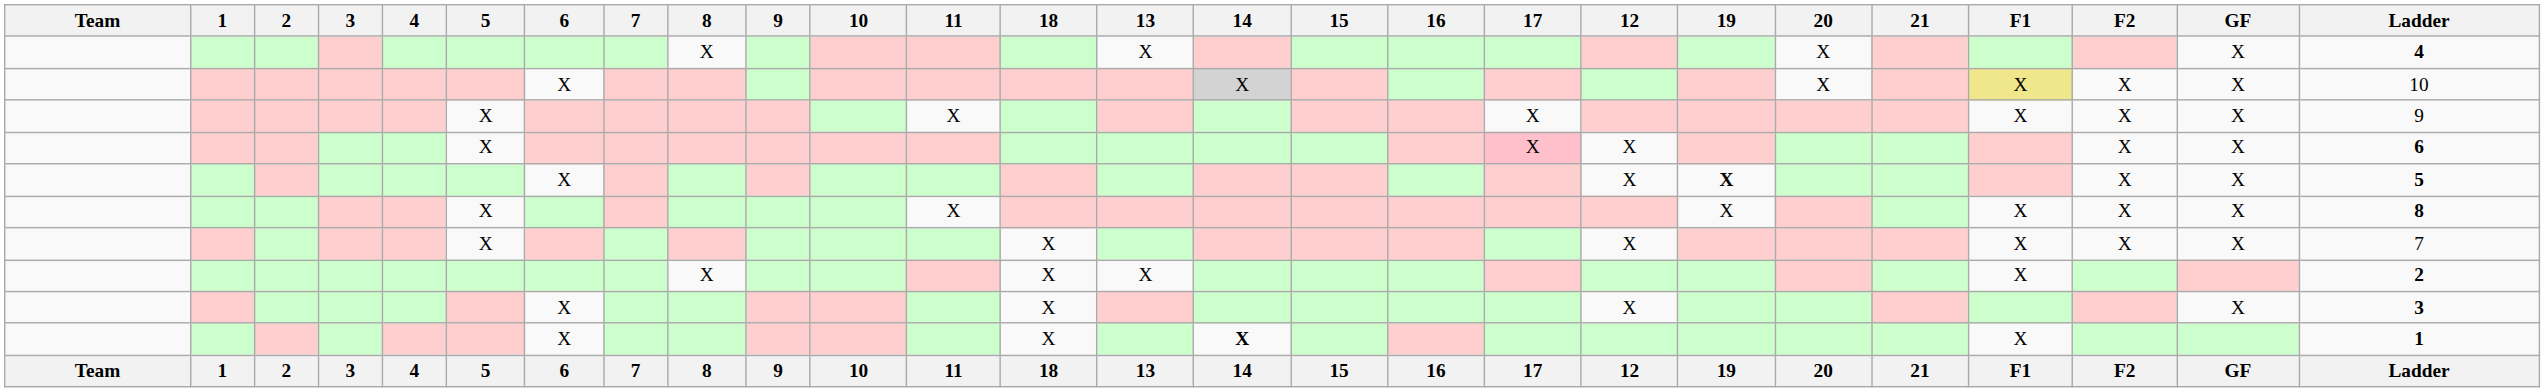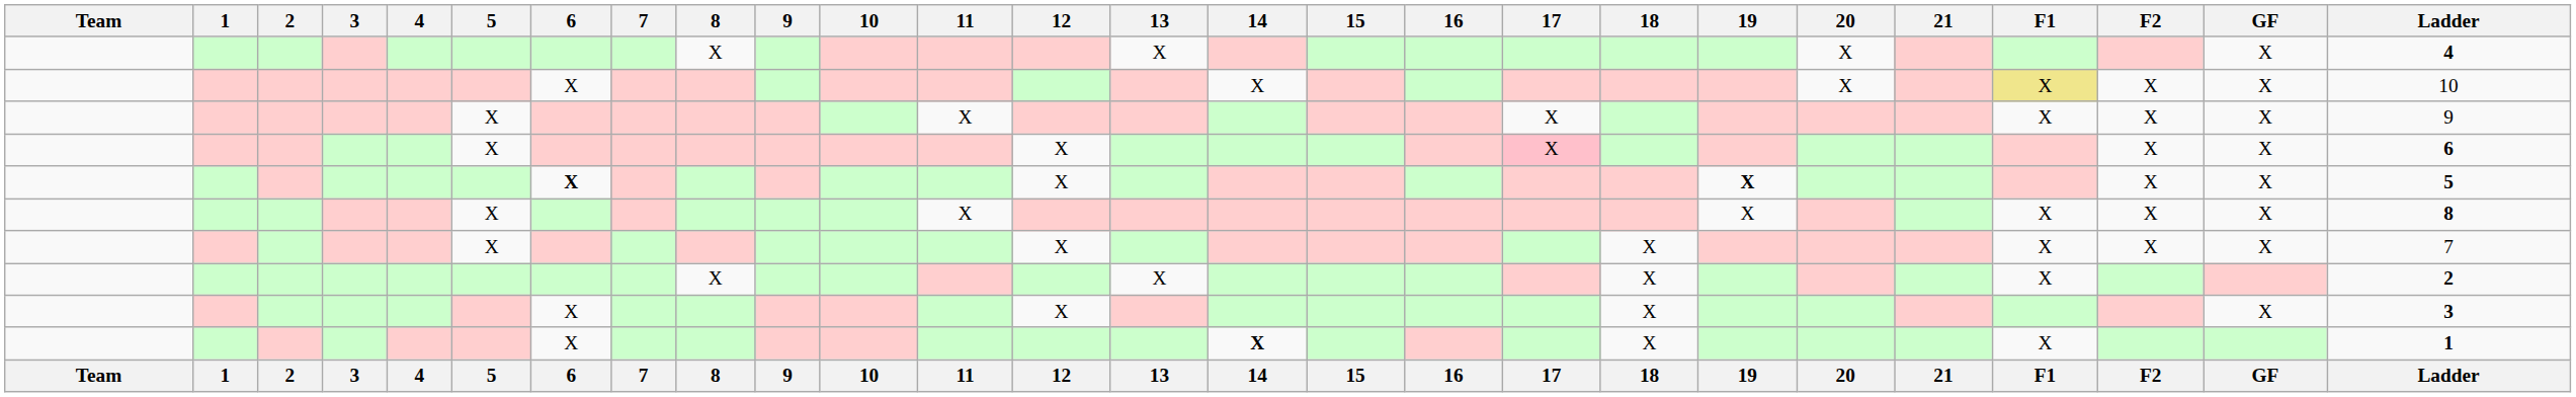 <table class="wikitable sortable" style="font-size:85%; text-align:center; width:90%">
 <tr valign="top">
 <th valign="middle">Team</th>
 <th>1</th>
 <th>2</th>
 <th>3</th>
 <th>4</th>
 <th>5</th>
 <th>6</th>
 <th>7</th>
 <th>8</th>
 <th>9</th>
 <th>10</th>
 <th>11</th>
-<th>18</th>
+<th>12</th>
 <th>13</th>
 <th>14</th>
 <th>15</th>
 <th>16</th>
 <th>17</th>
-<th>12</th>
+<th>18</th>
 <th>19</th>
 <th>20</th>
 <th>21</th>
 <th>F1</th>
 <th>F2</th>
 <th>GF</th>
 <th valign="middle">Ladder</th>
 </tr>
 <tr>
 <td align="left"></td>
 <td style="background:#cfc"></td>
 <td style="background:#cfc"></td>
 <td style="background:#ffcfcf"></td>
 <td style="background:#cfc"></td>
 <td style="background:#cfc"></td>
 <td style="background:#cfc"></td>
 <td style="background:#cfc"></td>
 <td>X</td>
 <td style="background:#cfc"></td>
 <td style="background:#ffcfcf"></td>
 <td style="background:#ffcfcf"></td>
-<td style="background:#cfc"></td>
+<td style="background:#ffcfcf"></td>
 <td>X</td>
 <td style="background:#ffcfcf"></td>
 <td style="background:#cfc"></td>
 <td style="background:#cfc"></td>
 <td style="background:#cfc"></td>
-<td style="background:#ffcfcf"></td>
+<td style="background:#cfc"></td>
 <td style="background:#cfc"></td>
 <td>X</td>
 <td style="background:#ffcfcf"></td>
 <td style="background:#cfc"></td>
 <td style="background:#ffcfcf"></td>
 <td>X</td>
 <td style="text-align:center;"><strong>4</strong></td>
 </tr>
 <tr>
 <td align="left"></td>
 <td style="background:#ffcfcf"></td>
 <td style="background:#ffcfcf"></td>
 <td style="background:#ffcfcf"></td>
 <td style="background:#ffcfcf"></td>
 <td style="background:#ffcfcf"></td>
 <td>X</td>
 <td style="background:#ffcfcf"></td>
 <td style="background:#ffcfcf"></td>
 <td style="background:#cfc"></td>
 <td style="background:#ffcfcf"></td>
 <td style="background:#ffcfcf"></td>
+<td style="background:#cfc"></td>
 <td style="background:#ffcfcf"></td>
-<td style="background:#ffcfcf"></td>
-<td style="background: lightgrey;">X</td>
+<td>X</td>
 <td style="background:#ffcfcf"></td>
 <td style="background:#cfc"></td>
 <td style="background:#ffcfcf"></td>
-<td style="background:#cfc"></td>
+<td style="background:#ffcfcf"></td>
 <td style="background:#ffcfcf"></td>
 <td>X</td>
 <td style="background:#ffcfcf"></td>
 <td style="background: khaki;">X</td>
 <td>X</td>
 <td>X</td>
 <td style="text-align:center;">10</td>
 </tr>
 <tr>
 <td align="left"></td>
 <td style="background:#ffcfcf"></td>
 <td style="background:#ffcfcf"></td>
 <td style="background:#ffcfcf"></td>
 <td style="background:#ffcfcf"></td>
 <td>X</td>
 <td style="background:#ffcfcf"></td>
 <td style="background:#ffcfcf"></td>
 <td style="background:#ffcfcf"></td>
 <td style="background:#ffcfcf"></td>
 <td style="background:#cfc"></td>
 <td>X</td>
-<td style="background:#cfc"></td>
+<td style="background:#ffcfcf"></td>
 <td style="background:#ffcfcf"></td>
 <td style="background:#cfc"></td>
 <td style="background:#ffcfcf"></td>
 <td style="background:#ffcfcf"></td>
 <td>X</td>
-<td style="background:#ffcfcf"></td>
+<td style="background:#cfc"></td>
 <td style="background:#ffcfcf"></td>
 <td style="background:#ffcfcf"></td>
 <td style="background:#ffcfcf"></td>
 <td>X</td>
 <td>X</td>
 <td>X</td>
 <td style="text-align:center;">9</td>
 </tr>
 <tr>
 <td align="left"></td>
 <td style="background:#ffcfcf"></td>
 <td style="background:#ffcfcf"></td>
 <td style="background:#cfc"></td>
 <td style="background:#cfc"></td>
 <td>X</td>
 <td style="background:#ffcfcf"></td>
 <td style="background:#ffcfcf"></td>
 <td style="background:#ffcfcf"></td>
 <td style="background:#ffcfcf"></td>
 <td style="background:#ffcfcf"></td>
 <td style="background:#ffcfcf"></td>
-<td style="background:#cfc"></td>
+<td>X</td>
 <td style="background:#cfc"></td>
 <td style="background:#cfc"></td>
 <td style="background:#cfc"></td>
 <td style="background:#ffcfcf"></td>
 <td style="background: pink;">X</td>
-<td>X</td>
+<td style="background:#cfc"></td>
 <td style="background:#ffcfcf"></td>
 <td style="background:#cfc"></td>
 <td style="background:#cfc"></td>
 <td style="background:#ffcfcf"></td>
 <td>X</td>
 <td>X</td>
 <td style="text-align:center;"><strong>6</strong></td>
 </tr>
 <tr>
 <td align="left"></td>
 <td style="background:#cfc"></td>
 <td style="background:#ffcfcf"></td>
 <td style="background:#cfc"></td>
 <td style="background:#cfc"></td>
 <td style="background:#cfc"></td>
-<td>X</td>
+<td><strong>X</strong></td>
 <td style="background:#ffcfcf"></td>
 <td style="background:#cfc"></td>
 <td style="background:#ffcfcf"></td>
 <td style="background:#cfc"></td>
 <td style="background:#cfc"></td>
-<td style="background:#ffcfcf"></td>
+<td>X</td>
 <td style="background:#cfc"></td>
 <td style="background:#ffcfcf"></td>
 <td style="background:#ffcfcf"></td>
 <td style="background:#cfc"></td>
 <td style="background:#ffcfcf"></td>
-<td>X</td>
+<td style="background:#ffcfcf"></td>
 <td><strong>X</strong></td>
 <td style="background:#cfc"></td>
 <td style="background:#cfc"></td>
 <td style="background:#ffcfcf"></td>
 <td>X</td>
 <td>X</td>
 <td style="text-align:center;"><strong>5</strong></td>
 </tr>
 <tr>
 <td align="left"></td>
 <td style="background:#cfc"></td>
 <td style="background:#cfc"></td>
 <td style="background:#ffcfcf"></td>
 <td style="background:#ffcfcf"></td>
 <td>X</td>
 <td style="background:#cfc"></td>
 <td style="background:#ffcfcf"></td>
 <td style="background:#cfc"></td>
 <td style="background:#cfc"></td>
 <td style="background:#cfc"></td>
 <td>X</td>
 <td style="background:#ffcfcf"></td>
 <td style="background:#ffcfcf"></td>
 <td style="background:#ffcfcf"></td>
 <td style="background:#ffcfcf"></td>
 <td style="background:#ffcfcf"></td>
 <td style="background:#ffcfcf"></td>
 <td style="background:#ffcfcf"></td>
 <td>X</td>
 <td style="background:#ffcfcf"></td>
 <td style="background:#cfc"></td>
 <td>X</td>
 <td>X</td>
 <td>X</td>
 <td style="text-align:center;"><strong>8</strong></td>
 </tr>
 <tr>
 <td align="left"></td>
 <td style="background:#ffcfcf"></td>
 <td style="background:#cfc"></td>
 <td style="background:#ffcfcf"></td>
 <td style="background:#ffcfcf"></td>
 <td>X</td>
 <td style="background:#ffcfcf"></td>
 <td style="background:#cfc"></td>
 <td style="background:#ffcfcf"></td>
 <td style="background:#cfc"></td>
 <td style="background:#cfc"></td>
 <td style="background:#cfc"></td>
 <td>X</td>
 <td style="background:#cfc"></td>
 <td style="background:#ffcfcf"></td>
 <td style="background:#ffcfcf"></td>
 <td style="background:#ffcfcf"></td>
 <td style="background:#cfc"></td>
 <td>X</td>
 <td style="background:#ffcfcf"></td>
 <td style="background:#ffcfcf"></td>
 <td style="background:#ffcfcf"></td>
 <td>X</td>
 <td>X</td>
 <td>X</td>
 <td style="text-align:center;">7</td>
 </tr>
 <tr>
 <td align="left"></td>
 <td style="background:#cfc"></td>
 <td style="background:#cfc"></td>
 <td style="background:#cfc"></td>
 <td style="background:#cfc"></td>
 <td style="background:#cfc"></td>
 <td style="background:#cfc"></td>
 <td style="background:#cfc"></td>
 <td>X</td>
 <td style="background:#cfc"></td>
 <td style="background:#cfc"></td>
 <td style="background:#ffcfcf"></td>
-<td>X</td>
+<td style="background:#cfc"></td>
 <td>X</td>
 <td style="background:#cfc"></td>
 <td style="background:#cfc"></td>
 <td style="background:#cfc"></td>
 <td style="background:#ffcfcf"></td>
-<td style="background:#cfc"></td>
+<td>X</td>
 <td style="background:#cfc"></td>
 <td style="background:#ffcfcf"></td>
 <td style="background:#cfc"></td>
 <td>X</td>
 <td style="background:#cfc"></td>
 <td style="background:#ffcfcf"></td>
 <td style="text-align:center;"><strong>2</strong></td>
 </tr>
 <tr>
 <td align="left"></td>
 <td style="background:#ffcfcf"></td>
 <td style="background:#cfc"></td>
 <td style="background:#cfc"></td>
 <td style="background:#cfc"></td>
 <td style="background:#ffcfcf"></td>
 <td>X</td>
 <td style="background:#cfc"></td>
 <td style="background:#cfc"></td>
 <td style="background:#ffcfcf"></td>
 <td style="background:#ffcfcf"></td>
 <td style="background:#cfc"></td>
 <td>X</td>
 <td style="background:#ffcfcf"></td>
 <td style="background:#cfc"></td>
 <td style="background:#cfc"></td>
 <td style="background:#cfc"></td>
 <td style="background:#cfc"></td>
 <td>X</td>
 <td style="background:#cfc"></td>
 <td style="background:#cfc"></td>
 <td style="background:#ffcfcf"></td>
 <td style="background:#cfc"></td>
 <td style="background:#ffcfcf"></td>
 <td>X</td>
 <td style="text-align:center;"><strong>3</strong></td>
 </tr>
 <tr>
 <td align="left"></td>
 <td style="background:#cfc"></td>
 <td style="background:#ffcfcf"></td>
 <td style="background:#cfc"></td>
 <td style="background:#ffcfcf"></td>
 <td style="background:#ffcfcf"></td>
 <td>X</td>
 <td style="background:#cfc"></td>
 <td style="background:#cfc"></td>
 <td style="background:#ffcfcf"></td>
 <td style="background:#ffcfcf"></td>
 <td style="background:#cfc"></td>
-<td>X</td>
+<td style="background:#cfc"></td>
 <td style="background:#cfc"></td>
 <td><strong>X</strong></td>
 <td style="background:#cfc"></td>
 <td style="background:#ffcfcf"></td>
 <td style="background:#cfc"></td>
-<td style="background:#cfc"></td>
+<td>X</td>
 <td style="background:#cfc"></td>
 <td style="background:#cfc"></td>
 <td style="background:#cfc"></td>
 <td>X</td>
 <td style="background:#cfc"></td>
 <td style="background:#cfc"></td>
 <td style="text-align:center;"><strong>1</strong></td>
 </tr>
 <tr valign="top">
 <th valign="middle">Team</th>
 <th>1</th>
 <th>2</th>
 <th>3</th>
 <th>4</th>
 <th>5</th>
 <th>6</th>
 <th>7</th>
 <th>8</th>
 <th>9</th>
 <th>10</th>
 <th>11</th>
-<th>18</th>
+<th>12</th>
 <th>13</th>
 <th>14</th>
 <th>15</th>
 <th>16</th>
 <th>17</th>
-<th>12</th>
+<th>18</th>
 <th>19</th>
 <th>20</th>
 <th>21</th>
 <th>F1</th>
 <th>F2</th>
 <th>GF</th>
 <th valign="middle">Ladder</th>
 </tr>
 </table>
